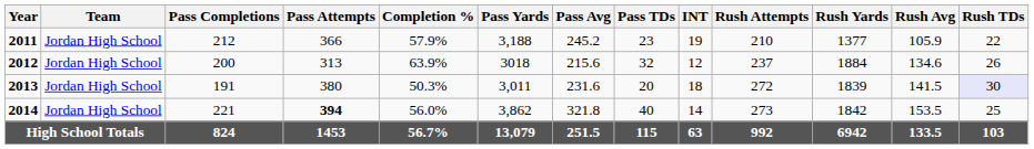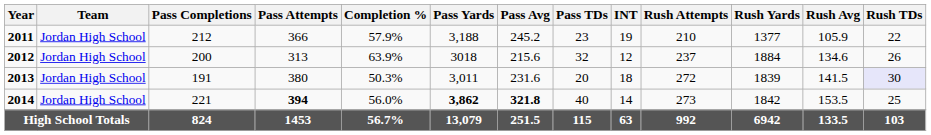 <table class="wikitable" style="text-align:center;">
 <tr>
 <th>Year</th>
 <th>Team</th>
 <th>Pass Completions</th>
 <th>Pass Attempts</th>
 <th>Completion %</th>
 <th>Pass Yards</th>
 <th>Pass Avg</th>
 <th>Pass TDs</th>
 <th>INT</th>
 <th>Rush Attempts</th>
 <th>Rush Yards</th>
 <th>Rush Avg</th>
 <th>Rush TDs</th>
 </tr>
 <tr>
 <td><strong>2011</strong></td>
 <td><a href='#'>Jordan High School</a></td>
 <td>212</td>
 <td>366</td>
 <td>57.9%</td>
 <td>3,188</td>
 <td>245.2</td>
 <td>23</td>
 <td>19</td>
 <td>210</td>
 <td>1377</td>
 <td>105.9</td>
 <td>22</td>
 </tr>
 <tr>
 <td><strong>2012</strong></td>
 <td><a href='#'>Jordan High School</a></td>
 <td>200</td>
 <td>313</td>
 <td>63.9%</td>
 <td>3018</td>
 <td>215.6</td>
 <td>32</td>
 <td>12</td>
 <td>237</td>
 <td>1884</td>
 <td>134.6</td>
 <td>26</td>
 </tr>
 <tr>
 <td><strong>2013</strong></td>
 <td><a href='#'>Jordan High School</a></td>
 <td>191</td>
 <td>380</td>
 <td>50.3%</td>
 <td>3,011</td>
 <td>231.6</td>
 <td>20</td>
 <td>18</td>
 <td>272</td>
 <td>1839</td>
 <td>141.5</td>
 <td style="background: lavender;">30</td>
 </tr>
 <tr>
 <td><strong>2014</strong></td>
 <td><a href='#'>Jordan High School</a></td>
 <td>221</td>
 <td><strong>394</strong></td>
 <td>56.0%</td>
-<td>3,862</td>
-<td>321.8</td>
+<td><strong>3,862</strong></td>
+<td><strong>321.8</strong></td>
 <td>40</td>
 <td>14</td>
 <td>273</td>
 <td>1842</td>
 <td>153.5</td>
 <td>25</td>
 </tr>
 <tr>
 </tr>
 <tr style="background:#555; font-weight:bold; color:white;">
 <td colspan=2>High School Totals</td>
 <td>824</td>
 <td>1453</td>
 <td>56.7%</td>
 <td>13,079</td>
 <td>251.5</td>
 <td>115</td>
 <td>63</td>
 <td>992</td>
 <td>6942</td>
 <td>133.5</td>
 <td>103</td>
 </tr>
 </table>
